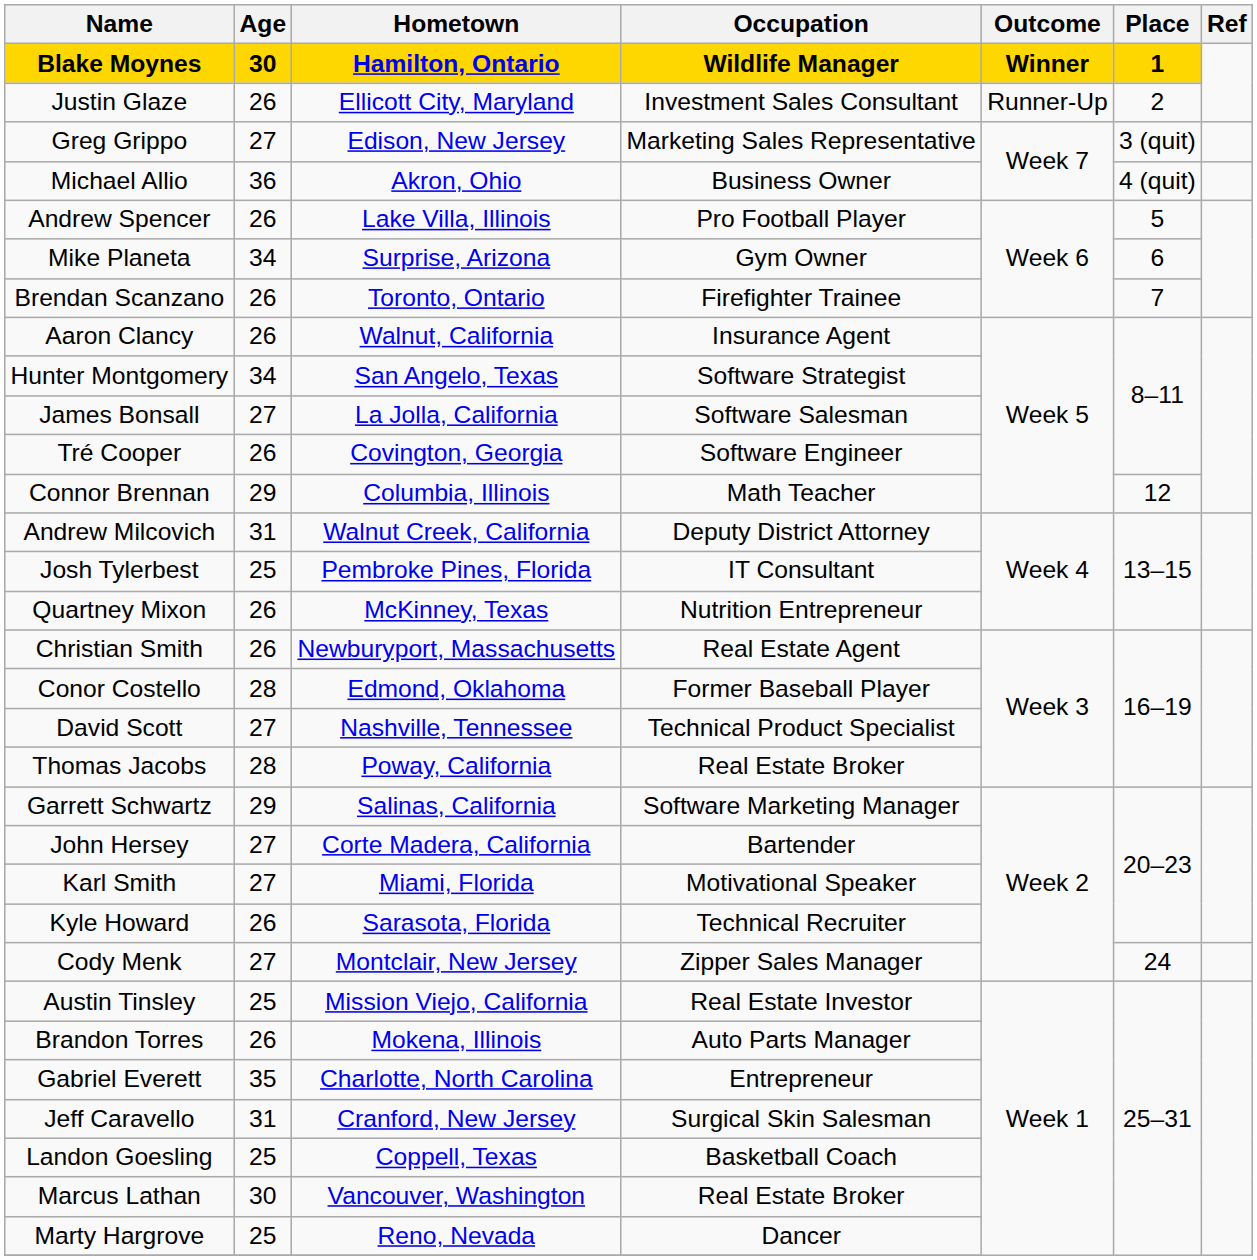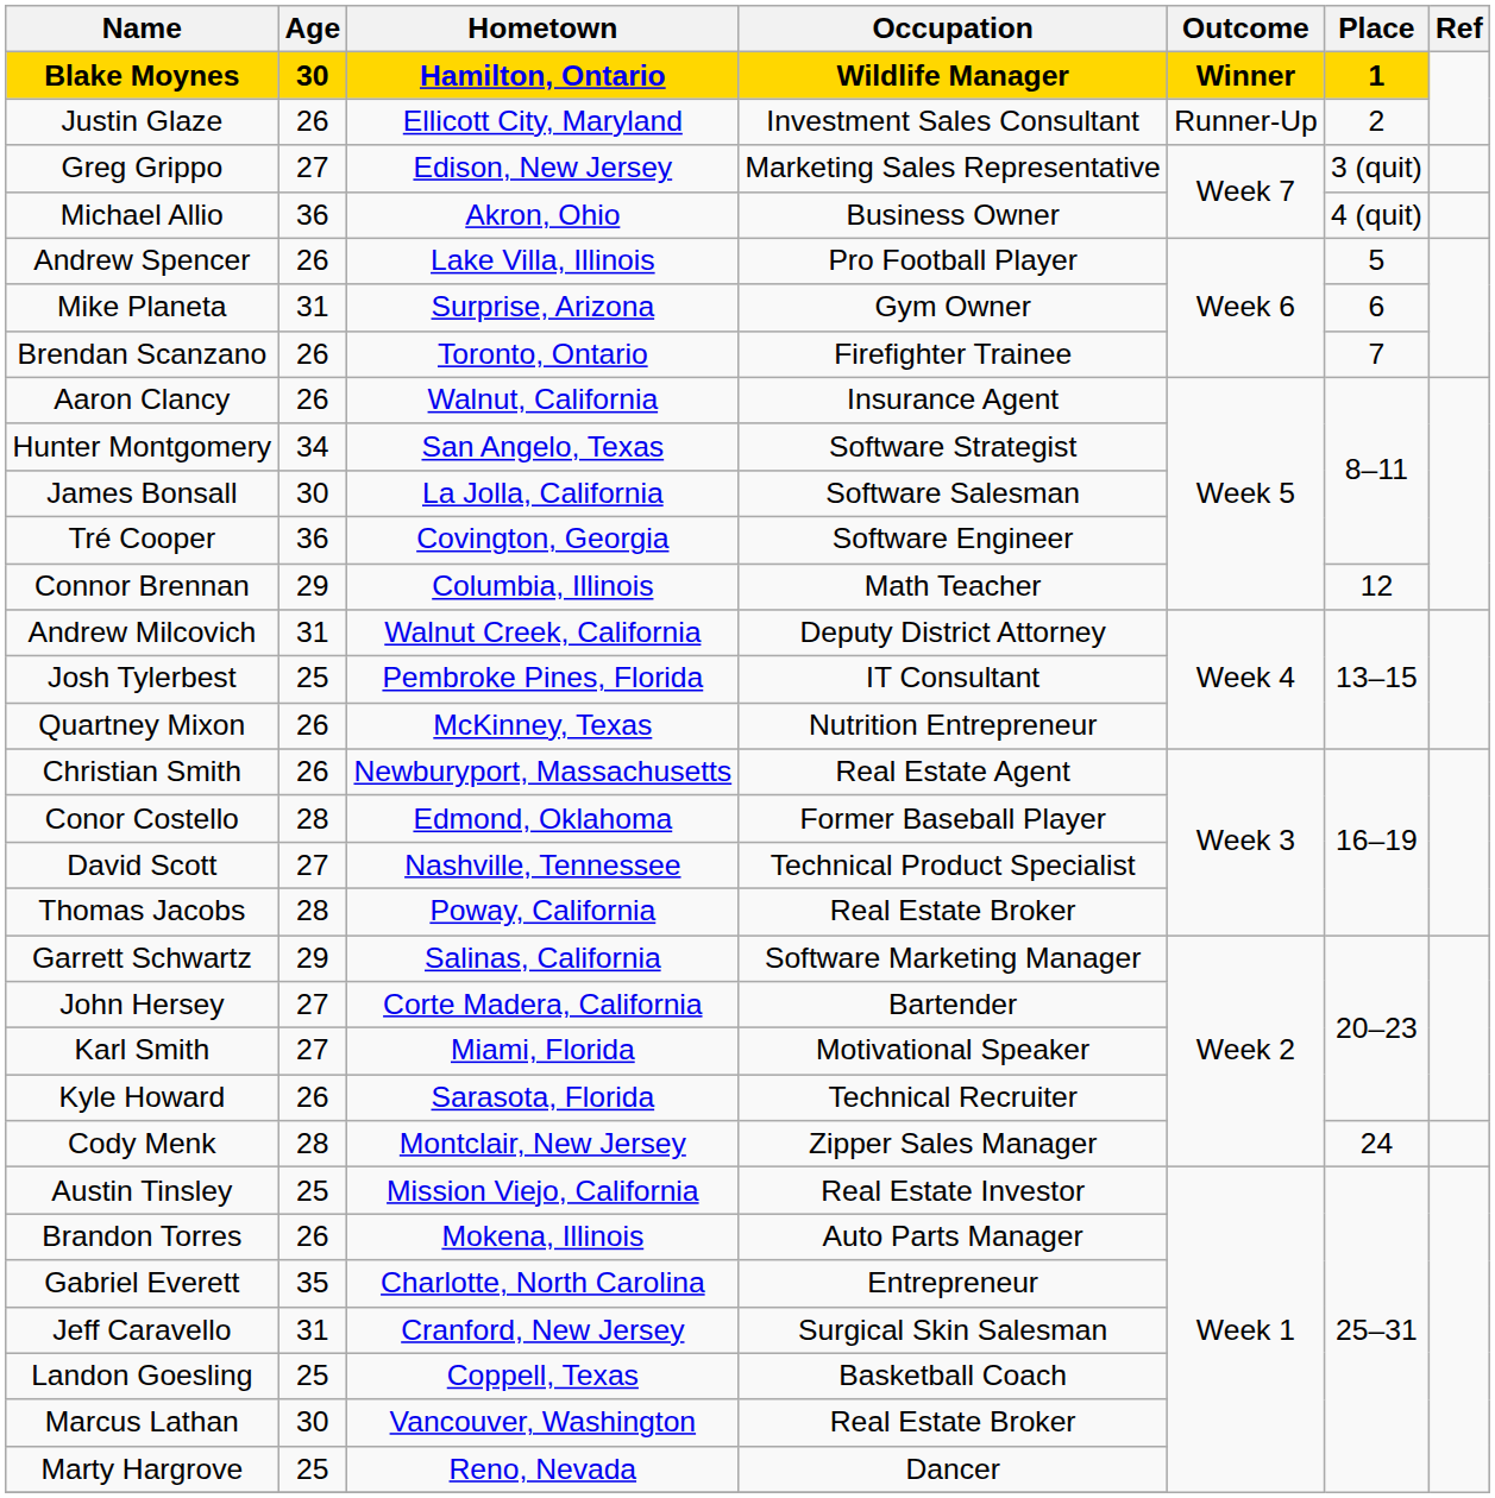 <table class="wikitable sortable" style="text-align:center;">
 <tr>
 <th>Name</th>
 <th>Age</th>
 <th>Hometown</th>
 <th>Occupation</th>
 <th>Outcome</th>
 <th>Place</th>
 <th>Ref</th>
 </tr>
 <tr>
 <td bgcolor="gold"><strong>Blake Moynes</strong></td>
 <td bgcolor="gold"><strong>30</strong></td>
 <td bgcolor="gold"><strong><a href='#'>Hamilton, Ontario</a></strong></td>
 <td bgcolor="gold"><strong>Wildlife Manager</strong></td>
 <td bgcolor="gold"><strong>Winner</strong></td>
 <td bgcolor="gold"><strong>1</strong></td>
 <td rowspan="2"></td>
 </tr>
 <tr>
 <td>Justin Glaze</td>
 <td>26</td>
 <td><a href='#'>Ellicott City, Maryland</a></td>
 <td>Investment Sales Consultant</td>
 <td>Runner-Up</td>
 <td>2</td>
 </tr>
 <tr>
 <td>Greg Grippo</td>
 <td>27</td>
 <td><a href='#'>Edison, New Jersey</a></td>
 <td>Marketing Sales Representative</td>
 <td rowspan="2">Week 7</td>
 <td>3 (quit)</td>
 <td></td>
 </tr>
 <tr>
 <td>Michael Allio</td>
 <td>36</td>
 <td><a href='#'>Akron, Ohio</a></td>
 <td>Business Owner</td>
 <td>4 (quit)</td>
 <td></td>
 </tr>
 <tr>
 <td>Andrew Spencer</td>
 <td>26</td>
 <td><a href='#'>Lake Villa, Illinois</a></td>
 <td>Pro Football Player</td>
 <td rowspan="3">Week 6</td>
 <td>5</td>
 <td rowspan="3"></td>
 </tr>
 <tr>
 <td>Mike Planeta</td>
-<td>34</td>
+<td>31</td>
 <td><a href='#'>Surprise, Arizona</a></td>
 <td>Gym Owner</td>
 <td>6</td>
 </tr>
 <tr>
 <td>Brendan Scanzano</td>
 <td>26</td>
 <td><a href='#'>Toronto, Ontario</a></td>
 <td>Firefighter Trainee</td>
 <td>7</td>
 </tr>
 <tr>
 <td>Aaron Clancy</td>
 <td>26</td>
 <td><a href='#'>Walnut, California</a></td>
 <td>Insurance Agent</td>
 <td rowspan="5">Week 5</td>
 <td rowspan="4">8–11</td>
 <td rowspan="5"></td>
 </tr>
 <tr>
 <td>Hunter Montgomery</td>
 <td>34</td>
 <td><a href='#'>San Angelo, Texas</a></td>
 <td>Software Strategist</td>
 </tr>
 <tr>
 <td>James Bonsall</td>
-<td>27</td>
+<td>30</td>
 <td><a href='#'>La Jolla, California</a></td>
 <td>Software Salesman</td>
 </tr>
 <tr>
 <td>Tré Cooper</td>
-<td>26</td>
+<td>36</td>
 <td><a href='#'>Covington, Georgia</a></td>
 <td>Software Engineer</td>
 </tr>
 <tr>
 <td>Connor Brennan</td>
 <td>29</td>
 <td><a href='#'>Columbia, Illinois</a></td>
 <td>Math Teacher</td>
 <td>12</td>
 </tr>
 <tr>
 <td>Andrew Milcovich</td>
 <td>31</td>
 <td><a href='#'>Walnut Creek, California</a></td>
 <td>Deputy District Attorney</td>
 <td rowspan="3">Week 4</td>
 <td rowspan="3">13–15</td>
 <td rowspan="3"></td>
 </tr>
 <tr>
 <td>Josh Tylerbest</td>
 <td>25</td>
 <td><a href='#'>Pembroke Pines, Florida</a></td>
 <td>IT Consultant</td>
 </tr>
 <tr>
 <td>Quartney Mixon</td>
 <td>26</td>
 <td><a href='#'>McKinney, Texas</a></td>
 <td>Nutrition Entrepreneur</td>
 </tr>
 <tr>
 <td>Christian Smith</td>
 <td>26</td>
 <td><a href='#'>Newburyport, Massachusetts</a></td>
 <td>Real Estate Agent</td>
 <td rowspan="4">Week 3</td>
 <td rowspan="4">16–19</td>
 <td rowspan="4"></td>
 </tr>
 <tr>
 <td>Conor Costello</td>
 <td>28</td>
 <td><a href='#'>Edmond, Oklahoma</a></td>
 <td>Former Baseball Player</td>
 </tr>
 <tr>
 <td>David Scott</td>
 <td>27</td>
 <td><a href='#'>Nashville, Tennessee</a></td>
 <td>Technical Product Specialist</td>
 </tr>
 <tr>
 <td>Thomas Jacobs</td>
 <td>28</td>
 <td><a href='#'>Poway, California</a></td>
 <td>Real Estate Broker</td>
 </tr>
 <tr>
 <td>Garrett Schwartz</td>
 <td>29</td>
 <td><a href='#'>Salinas, California</a></td>
 <td>Software Marketing Manager</td>
 <td rowspan="5">Week 2</td>
 <td rowspan="4">20–23</td>
 <td rowspan="4"></td>
 </tr>
 <tr>
 <td>John Hersey</td>
 <td>27</td>
 <td><a href='#'>Corte Madera, California</a></td>
 <td>Bartender</td>
 </tr>
 <tr>
 <td>Karl Smith</td>
 <td>27</td>
 <td><a href='#'>Miami, Florida</a></td>
 <td>Motivational Speaker</td>
 </tr>
 <tr>
 <td>Kyle Howard</td>
 <td>26</td>
 <td><a href='#'>Sarasota, Florida</a></td>
 <td>Technical Recruiter</td>
 </tr>
 <tr>
 <td>Cody Menk</td>
-<td>27</td>
+<td>28</td>
 <td><a href='#'>Montclair, New Jersey</a></td>
 <td>Zipper Sales Manager</td>
 <td>24</td>
 <td></td>
 </tr>
 <tr>
 <td>Austin Tinsley</td>
 <td>25</td>
 <td><a href='#'>Mission Viejo, California</a></td>
 <td>Real Estate Investor</td>
 <td rowspan="8">Week 1</td>
 <td rowspan="8">25–31</td>
 <td rowspan="8"></td>
 </tr>
 <tr>
 <td>Brandon Torres</td>
 <td>26</td>
 <td><a href='#'>Mokena, Illinois</a></td>
 <td>Auto Parts Manager</td>
 </tr>
 <tr>
 <td>Gabriel Everett</td>
 <td>35</td>
 <td><a href='#'>Charlotte, North Carolina</a></td>
 <td>Entrepreneur</td>
 </tr>
 <tr>
 <td>Jeff Caravello</td>
 <td>31</td>
 <td><a href='#'>Cranford, New Jersey</a></td>
 <td>Surgical Skin Salesman</td>
 </tr>
 <tr>
 <td>Landon Goesling</td>
 <td>25</td>
 <td><a href='#'>Coppell, Texas</a></td>
 <td>Basketball Coach</td>
 </tr>
 <tr>
 <td>Marcus Lathan</td>
 <td>30</td>
 <td><a href='#'>Vancouver, Washington</a></td>
 <td>Real Estate Broker</td>
 </tr>
 <tr>
 <td>Marty Hargrove</td>
 <td>25</td>
 <td><a href='#'>Reno, Nevada</a></td>
 <td>Dancer</td>
 </tr>
 <tr>
 </tr>
 </table>
